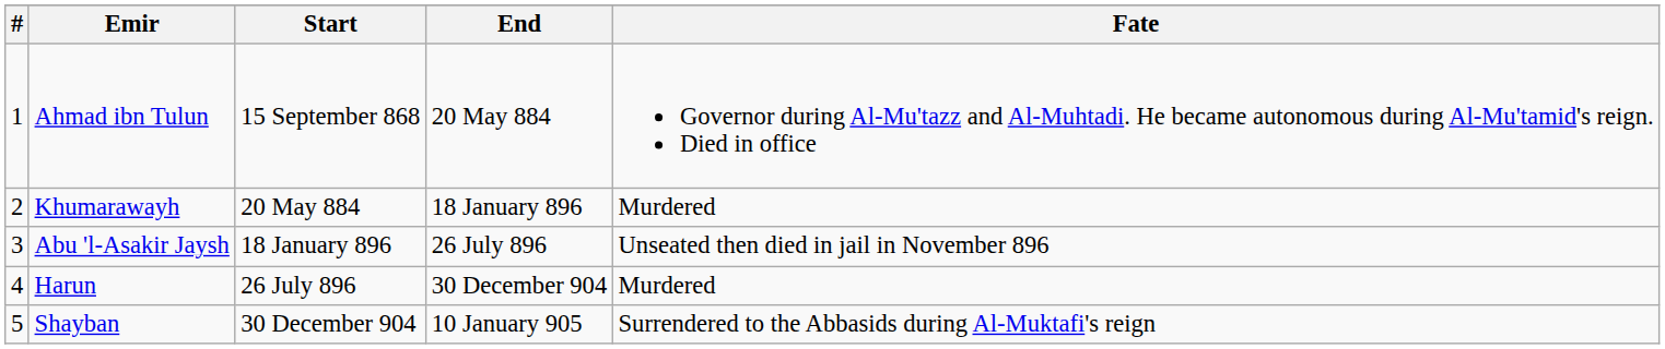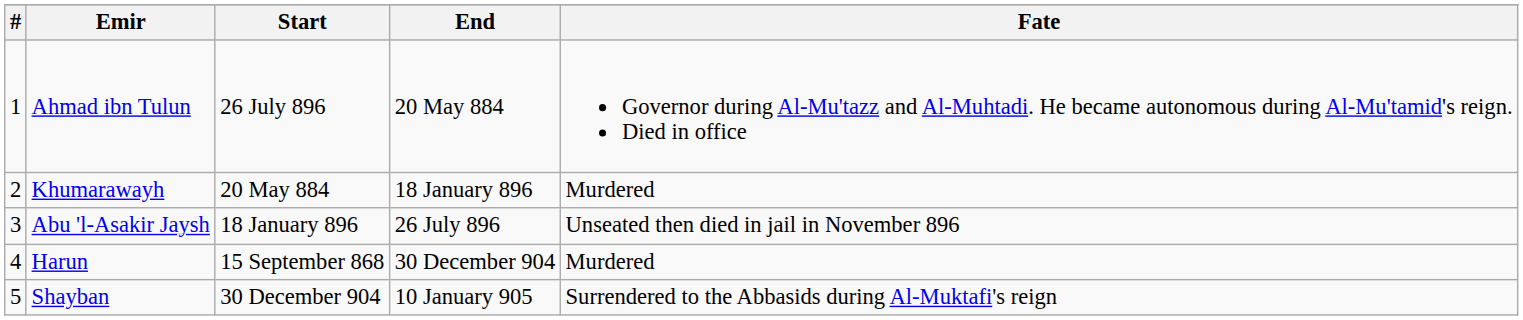 <table class="wikitable">
 <tr style="background:#cccccc">
 </tr>
 <tr>
 <th>#</th>
 <th>Emir</th>
 <th>Start</th>
 <th>End</th>
 <th>Fate</th>
 </tr>
 <tr>
 <td>1</td>
 <td><a href='#'>Ahmad ibn Tulun</a></td>
-<td>15 September 868</td>
+<td>26 July 896</td>
 <td>20 May 884</td>
 <td><br><ul><li>Governor during <a href='#'>Al-Mu'tazz</a> and <a href='#'>Al-Muhtadi</a>. He became autonomous during <a href='#'>Al-Mu'tamid</a>'s reign.</li><li>Died in office</li></ul></td>
 </tr>
 <tr>
 <td>2</td>
 <td><a href='#'>Khumarawayh</a></td>
 <td>20 May 884</td>
 <td>18 January 896</td>
 <td>Murdered</td>
 </tr>
 <tr>
 <td>3</td>
 <td><a href='#'>Abu 'l-Asakir Jaysh</a></td>
 <td>18 January 896</td>
 <td>26 July 896</td>
 <td>Unseated then died in jail in November 896</td>
 </tr>
 <tr>
 <td>4</td>
 <td><a href='#'>Harun</a></td>
-<td>26 July 896</td>
+<td>15 September 868</td>
 <td>30 December 904</td>
 <td>Murdered</td>
 </tr>
 <tr>
 <td>5</td>
 <td><a href='#'>Shayban</a></td>
 <td>30 December 904</td>
 <td>10 January 905</td>
 <td>Surrendered to the Abbasids during <a href='#'>Al-Muktafi</a>'s reign</td>
 </tr>
 </table>
